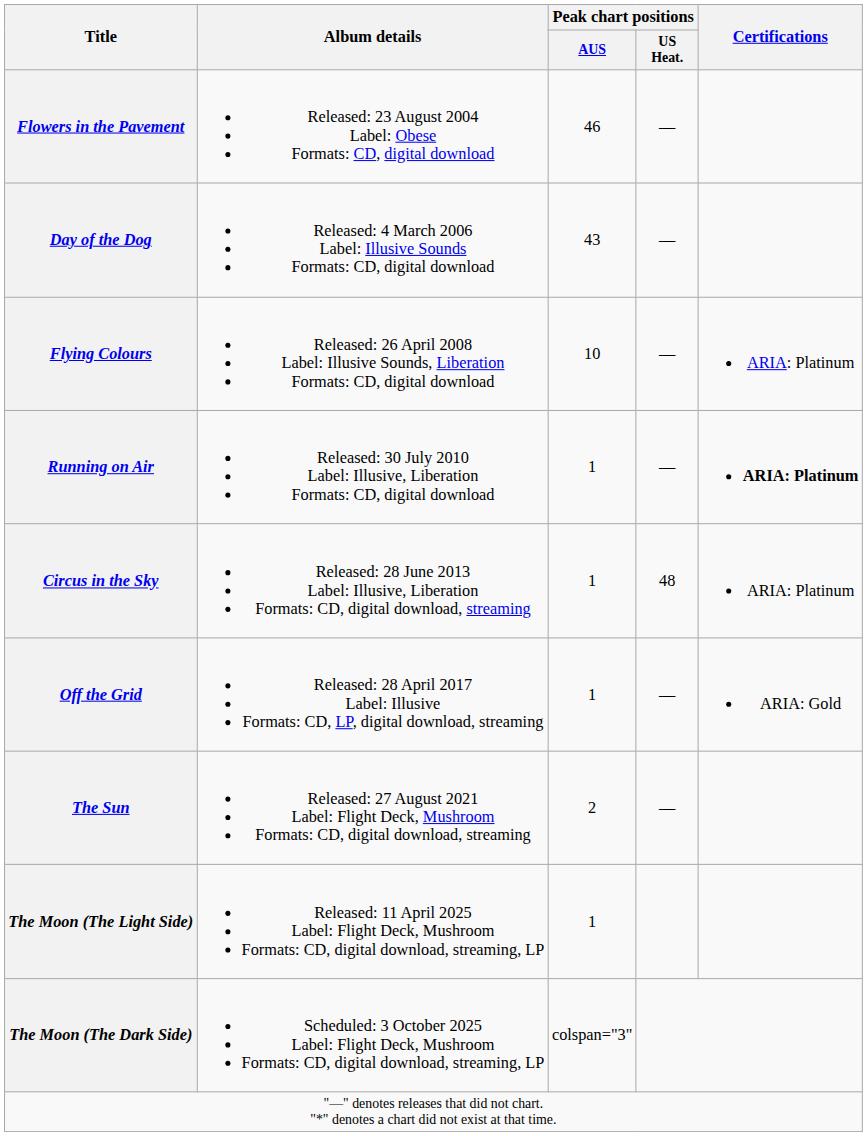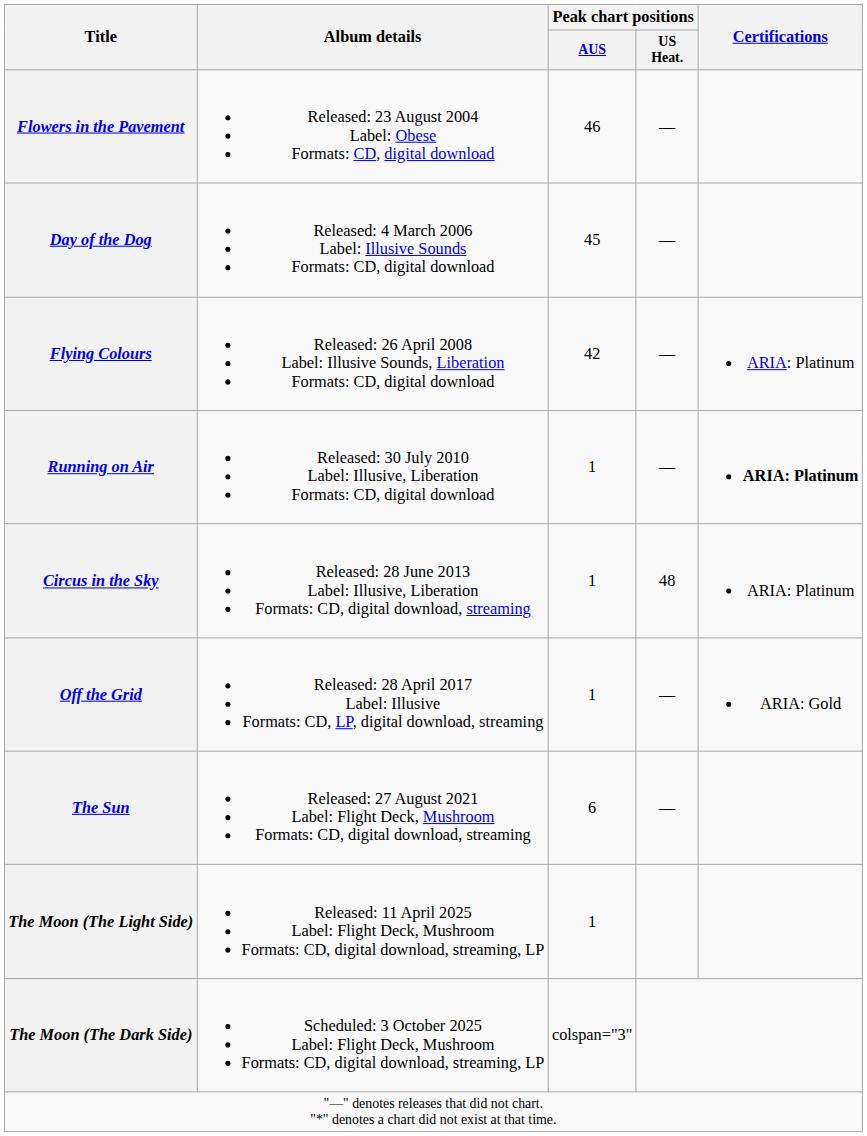 <table class="wikitable plainrowheaders" style="text-align:center;">
 <tr>
 <th scope="col" rowspan="2">Title</th>
 <th scope="col" rowspan="2">Album details</th>
 <th scope="col" colspan="2">Peak chart positions</th>
 <th scope="col" rowspan="2"><a href='#'>Certifications</a></th>
 </tr>
 <tr>
 <th style="width:4em;font-size:85%;"><a href='#'>AUS</a><br></th>
 <th style="width:4em;font-size:85%;">US<br>Heat.<br></th>
 </tr>
 <tr>
 <th scope="row"><em><a href='#'>Flowers in the Pavement</a></em></th>
 <td><br><ul><li>Released: 23 August 2004</li><li>Label: <a href='#'>Obese</a></li><li>Formats: <a href='#'>CD</a>, <a href='#'>digital download</a></li></ul></td>
 <td>46</td>
 <td>—</td>
 <td></td>
 </tr>
 <tr>
 <th scope="row"><em><a href='#'>Day of the Dog</a></em></th>
 <td><br><ul><li>Released: 4 March 2006</li><li>Label: <a href='#'>Illusive Sounds</a></li><li>Formats: CD, digital download</li></ul></td>
-<td>43</td>
+<td>45</td>
 <td>—</td>
 <td></td>
 </tr>
 <tr>
 <th scope="row"><em><a href='#'>Flying Colours</a></em></th>
 <td><br><ul><li>Released: 26 April 2008</li><li>Label: Illusive Sounds, <a href='#'>Liberation</a></li><li>Formats: CD, digital download</li></ul></td>
-<td>10</td>
+<td>42</td>
 <td>—</td>
 <td><br><ul><li><a href='#'>ARIA</a>: Platinum</li></ul></td>
 </tr>
 <tr>
 <th scope="row"><em><a href='#'>Running on Air</a></em></th>
 <td><br><ul><li>Released: 30 July 2010</li><li>Label: Illusive, Liberation</li><li>Formats: CD, digital download</li></ul></td>
 <td>1</td>
 <td>—</td>
 <td><strong><br><ul><li>ARIA: Platinum</li></ul></strong></td>
 </tr>
 <tr>
 <th scope="row"><em><a href='#'>Circus in the Sky</a></em></th>
 <td><br><ul><li>Released: 28 June 2013</li><li>Label: Illusive, Liberation</li><li>Formats: CD, digital download, <a href='#'>streaming</a></li></ul></td>
 <td>1</td>
 <td>48</td>
 <td><br><ul><li>ARIA: Platinum</li></ul></td>
 </tr>
 <tr>
 <th scope="row"><em><a href='#'>Off the Grid</a></em></th>
 <td><br><ul><li>Released: 28 April 2017</li><li>Label: Illusive</li><li>Formats: CD, <a href='#'>LP</a>, digital download, streaming</li></ul></td>
 <td>1</td>
 <td>—</td>
 <td><br><ul><li>ARIA: Gold</li></ul></td>
 </tr>
 <tr>
 <th scope="row"><em><a href='#'>The Sun</a></em></th>
 <td><br><ul><li>Released: 27 August 2021</li><li>Label: Flight Deck, <a href='#'>Mushroom</a></li><li>Formats: CD, digital download, streaming</li></ul></td>
-<td>2</td>
+<td>6</td>
 <td>—</td>
 <td></td>
 </tr>
 <tr>
 <th scope="row"><em>The Moon (The Light Side)</em></th>
 <td><br><ul><li>Released: 11 April 2025</li><li>Label: Flight Deck, Mushroom</li><li>Formats: CD, digital download, streaming, LP</li></ul></td>
 <td>1</td>
 <td></td>
 <td></td>
 </tr>
 <tr>
 <th scope="row"><em>The Moon (The Dark Side)</em></th>
 <td><br><ul><li>Scheduled: 3 October 2025</li><li>Label: Flight Deck, Mushroom</li><li>Formats: CD, digital download, streaming, LP</li></ul></td>
 <td>colspan="3" </td>
 </tr>
 <tr>
 <td colspan="21" style="font-size:85%">"—" denotes releases that did not chart.<br>"*" denotes a chart did not exist at that time.</td>
 </tr>
 </table>
